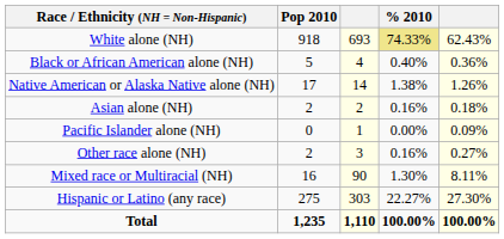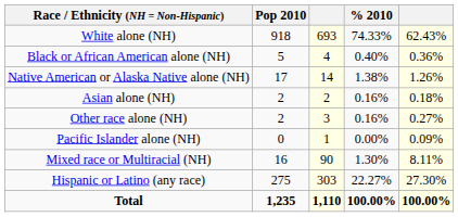 <table class="wikitable" style="text-align:center;">
 <tr>
 <th>Race / Ethnicity <small>(<em>NH = Non-Hispanic</em>)</small></th>
 <th>Pop 2010</th>
 <th></th>
 <th>% 2010</th>
 <th></th>
 </tr>
 <tr>
 <td><a href='#'>White</a> alone (NH)</td>
 <td>918</td>
 <td style='background: #ffffe6;'>693</td>
-<td style="background: khaki;">74.33%</td>
+<td>74.33%</td>
 <td style='background: #ffffe6;'>62.43%</td>
 </tr>
 <tr>
 <td><a href='#'>Black or African American</a> alone (NH)</td>
 <td>5</td>
 <td style='background: #ffffe6;'>4</td>
 <td>0.40%</td>
 <td style='background: #ffffe6;'>0.36%</td>
 </tr>
 <tr>
 <td><a href='#'>Native American</a> or <a href='#'>Alaska Native</a> alone (NH)</td>
 <td>17</td>
 <td style='background: #ffffe6;'>14</td>
 <td>1.38%</td>
 <td style='background: #ffffe6;'>1.26%</td>
 </tr>
 <tr>
 <td><a href='#'>Asian</a> alone (NH)</td>
 <td>2</td>
 <td style='background: #ffffe6;'>2</td>
 <td>0.16%</td>
 <td style='background: #ffffe6;'>0.18%</td>
 </tr>
 <tr>
+<td><a href='#'>Other race</a> alone (NH)</td>
+<td>2</td>
+<td style='background: #ffffe6;'>3</td>
+<td>0.16%</td>
+<td style='background: #ffffe6;'>0.27%</td>
+</tr>
+<tr>
 <td><a href='#'>Pacific Islander</a> alone (NH)</td>
 <td>0</td>
 <td style='background: #ffffe6;'>1</td>
 <td>0.00%</td>
 <td style='background: #ffffe6;'>0.09%</td>
-</tr>
-<tr>
-<td><a href='#'>Other race</a> alone (NH)</td>
-<td>2</td>
-<td style='background: #ffffe6;'>3</td>
-<td>0.16%</td>
-<td style='background: #ffffe6;'>0.27%</td>
 </tr>
 <tr>
 <td><a href='#'>Mixed race or Multiracial</a> (NH)</td>
 <td>16</td>
 <td style='background: #ffffe6;'>90</td>
 <td>1.30%</td>
 <td style='background: #ffffe6;'>8.11%</td>
 </tr>
 <tr>
 <td><a href='#'>Hispanic or Latino</a> (any race)</td>
 <td>275</td>
 <td style='background: #ffffe6;'>303</td>
 <td>22.27%</td>
 <td style='background: #ffffe6;'>27.30%</td>
 </tr>
 <tr>
 <td><strong>Total</strong></td>
 <td><strong>1,235</strong></td>
 <td style='background: #ffffe6;'><strong>1,110</strong></td>
 <td><strong>100.00%</strong></td>
 <td style='background: #ffffe6;'><strong>100.00%</strong></td>
 </tr>
 </table>
